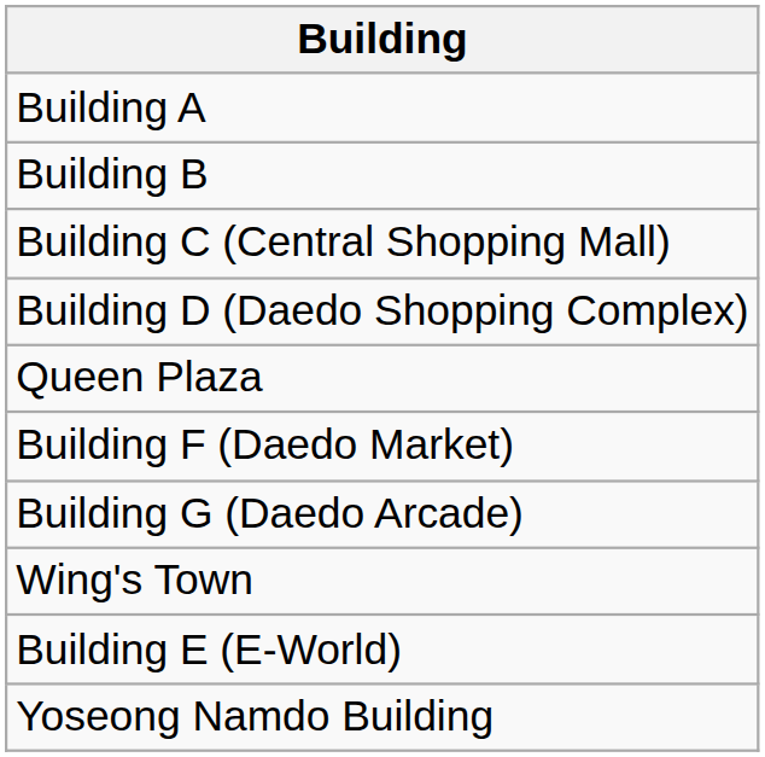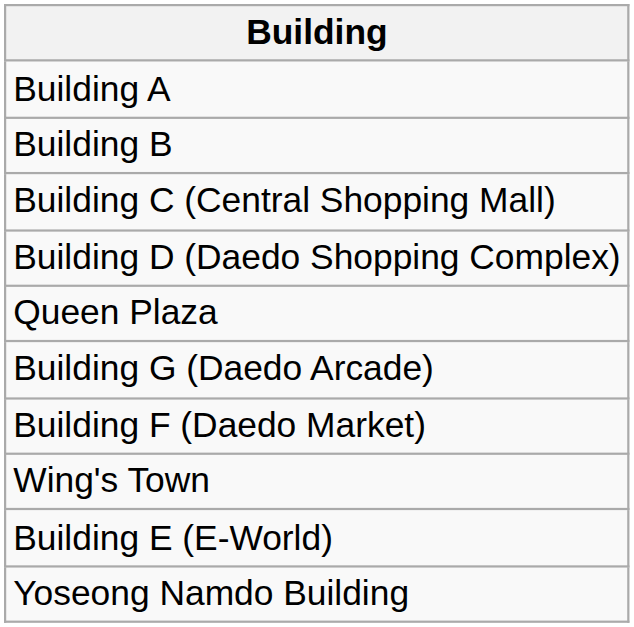 <table class="wikitable">
 <tr>
 <th>Building</th>
 </tr>
 <tr>
 <td>Building A</td>
 </tr>
 <tr>
 <td>Building B</td>
 </tr>
 <tr>
 <td>Building C (Central Shopping Mall)</td>
 </tr>
 <tr>
 <td>Building D (Daedo Shopping Complex)</td>
 </tr>
 <tr>
 <td>Queen Plaza</td>
 </tr>
 <tr>
-<td>Building F (Daedo Market)</td>
+<td>Building G (Daedo Arcade)</td>
 </tr>
 <tr>
-<td>Building G (Daedo Arcade)</td>
+<td>Building F (Daedo Market)</td>
 </tr>
 <tr>
 <td>Wing's Town</td>
 </tr>
 <tr>
 <td>Building E (E-World)</td>
 </tr>
 <tr>
 <td>Yoseong Namdo Building</td>
 </tr>
 </table>
